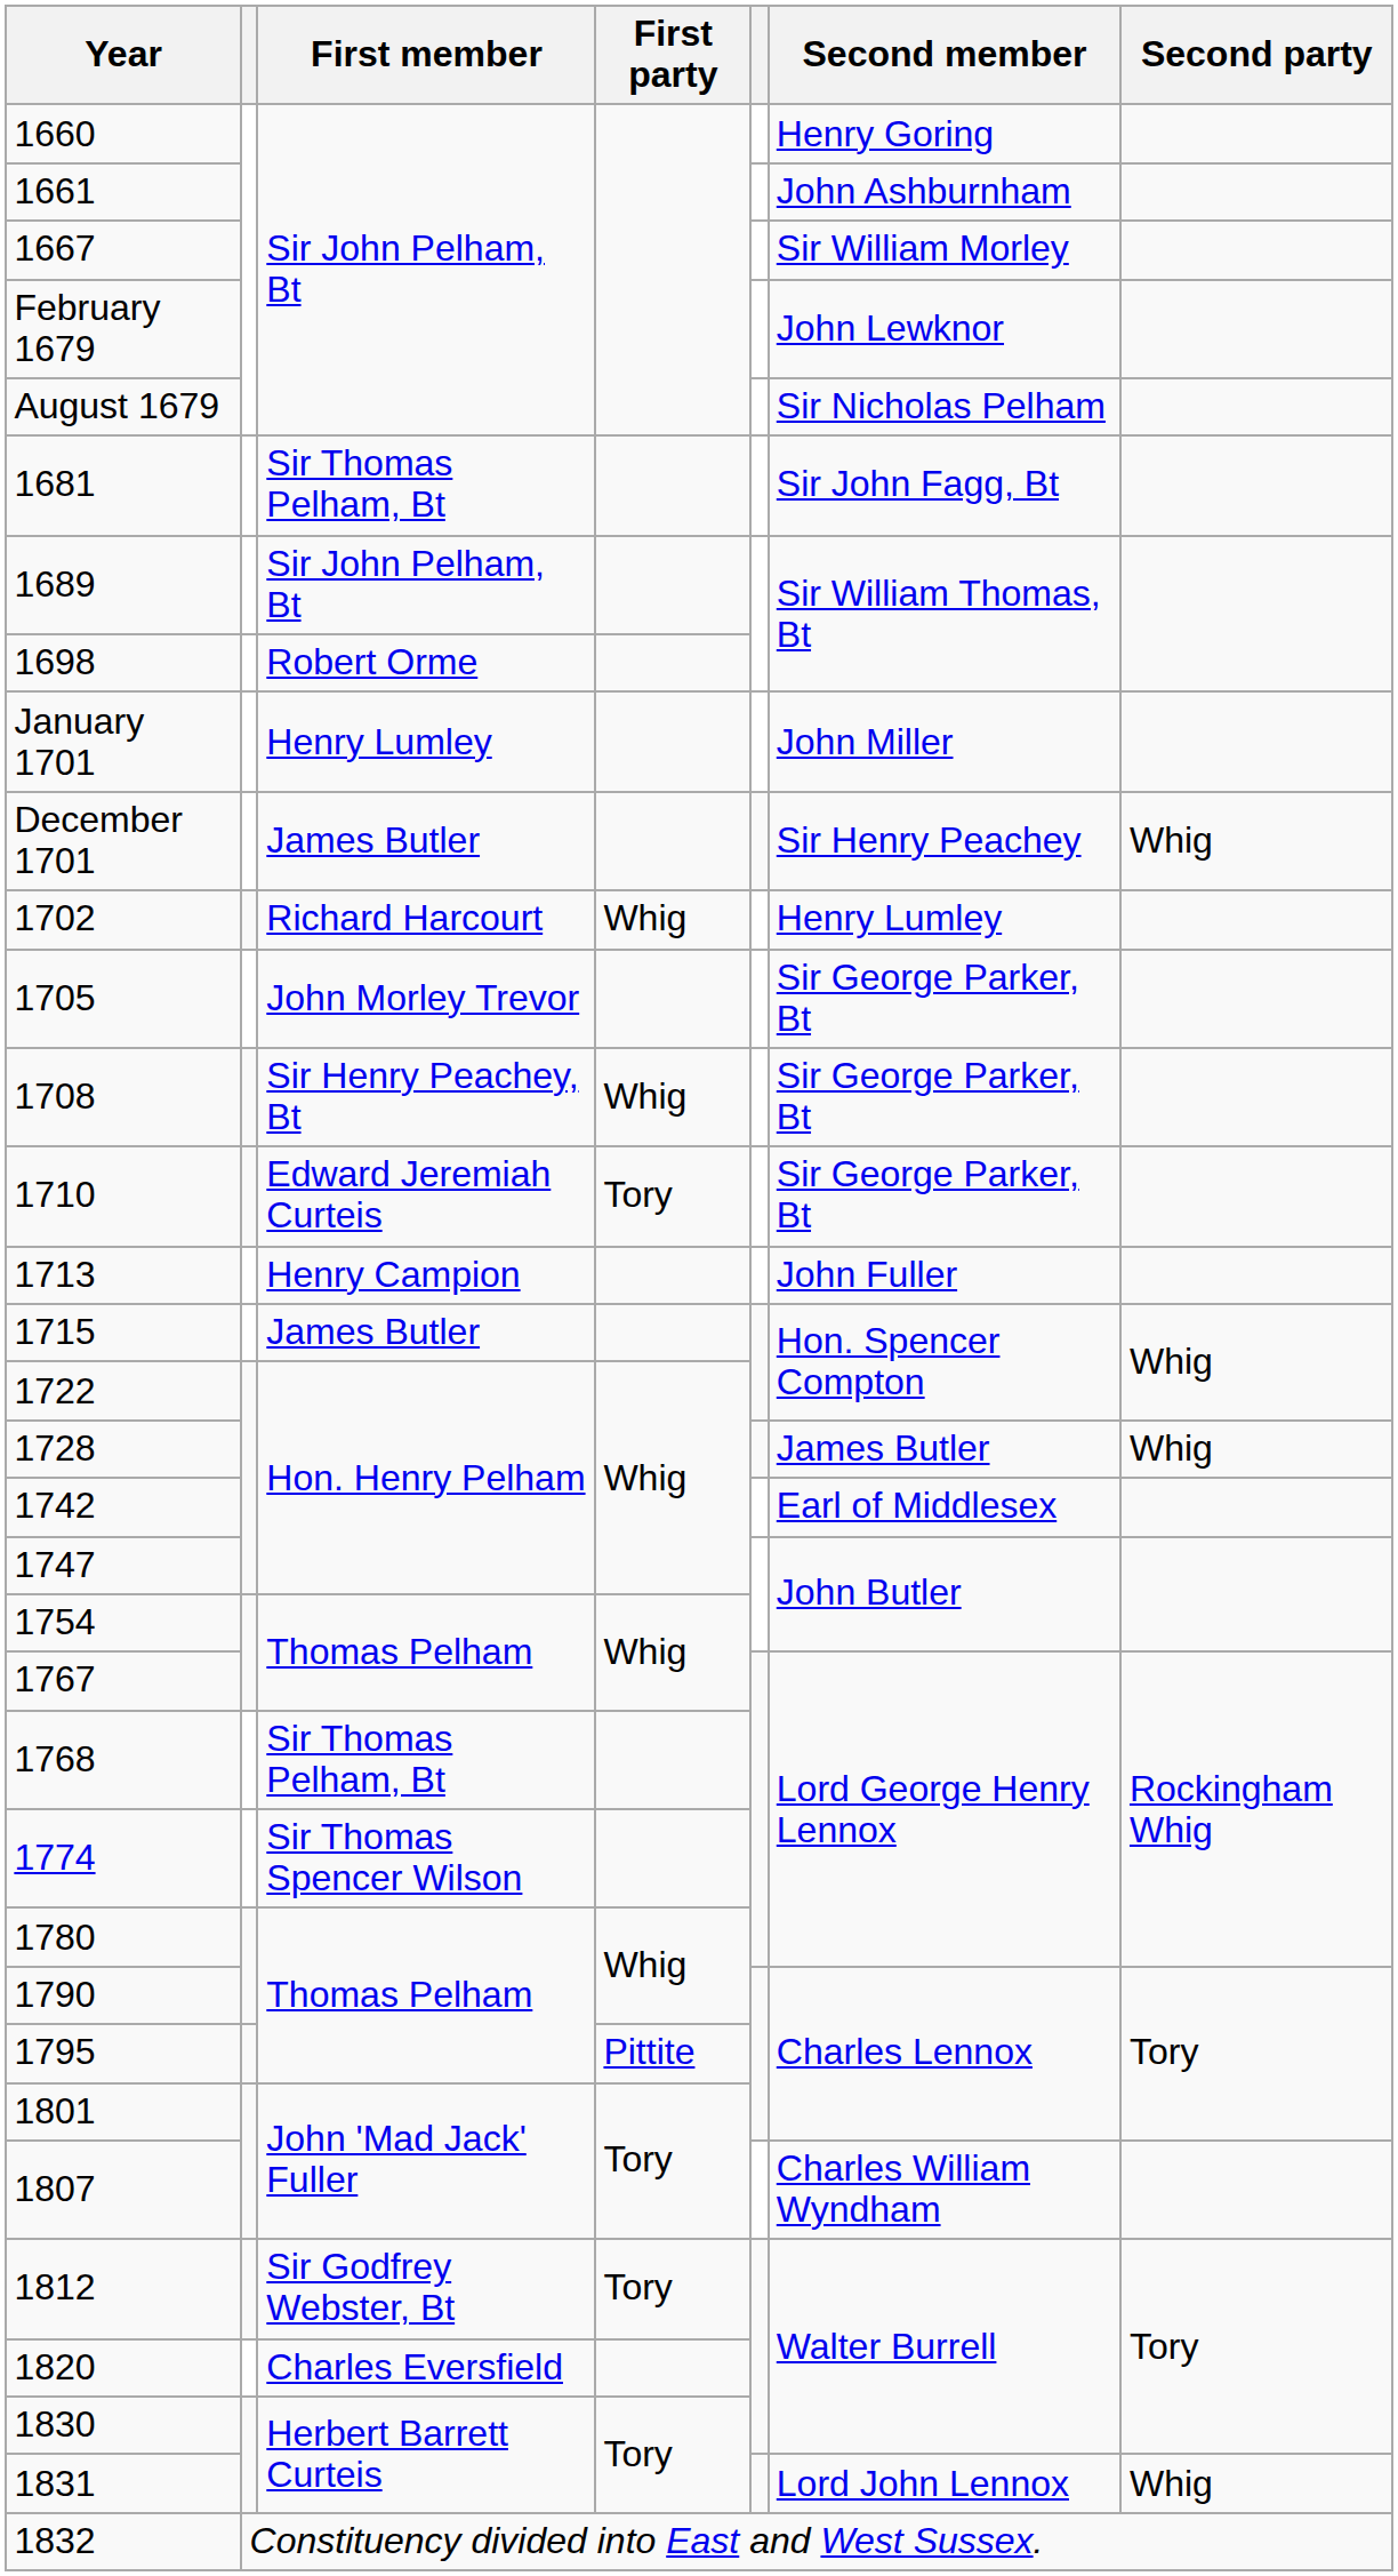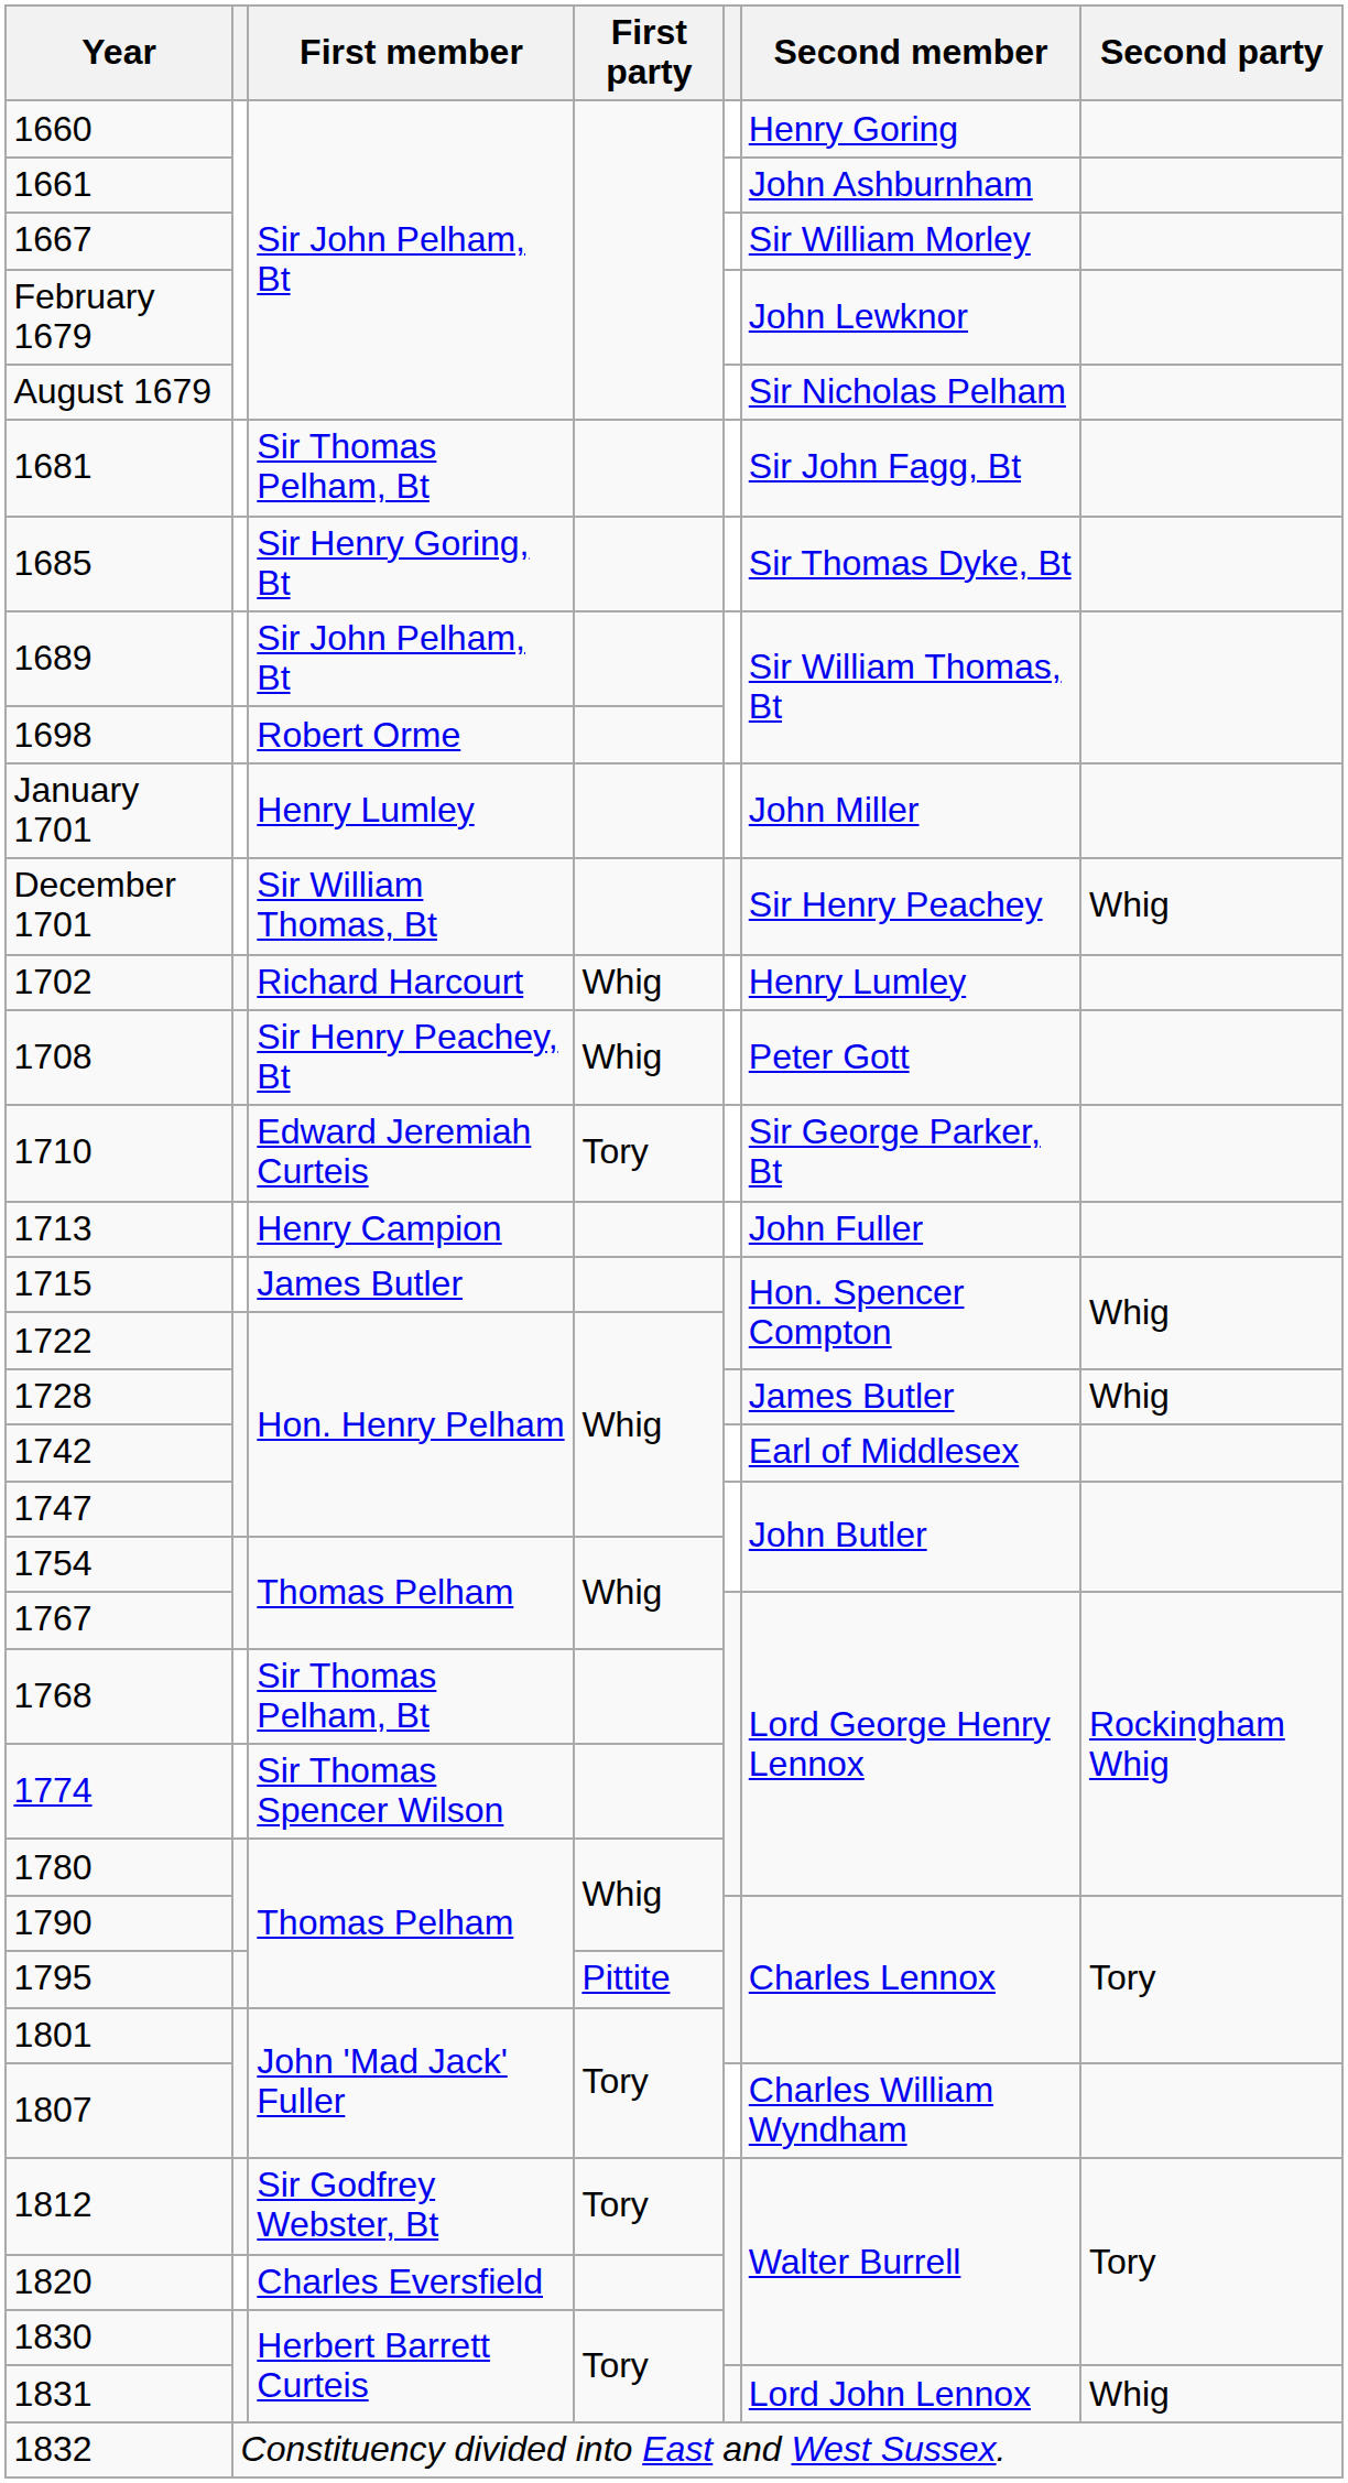 <table class="wikitable">
 <tr>
 <th>Year</th>
 <th></th>
 <th>First member</th>
 <th>First party</th>
 <th></th>
 <th>Second member</th>
 <th>Second party</th>
 </tr>
 <tr>
 <td>1660</td>
 <td rowspan="5" style="color:inherit;background-color: white"></td>
 <td rowspan="5"><a href='#'>Sir John Pelham, Bt</a></td>
 <td rowspan="5"></td>
 <td style="color:inherit;background-color: white"></td>
 <td><a href='#'>Henry Goring</a></td>
 <td></td>
 </tr>
 <tr>
 <td>1661</td>
 <td style="color:inherit;background-color: white"></td>
 <td><a href='#'>John Ashburnham</a></td>
 <td></td>
 </tr>
 <tr>
 <td>1667</td>
 <td style="color:inherit;background-color: white"></td>
 <td><a href='#'>Sir William Morley</a></td>
 <td></td>
 </tr>
 <tr>
 <td>February 1679</td>
 <td style="color:inherit;background-color: white"></td>
 <td><a href='#'>John Lewknor</a></td>
 <td></td>
 </tr>
 <tr>
 <td>August 1679</td>
 <td style="color:inherit;background-color: white"></td>
 <td><a href='#'>Sir Nicholas Pelham</a></td>
 <td></td>
 </tr>
 <tr>
 <td>1681</td>
 <td style="color:inherit;background-color: white"></td>
 <td><a href='#'>Sir Thomas Pelham, Bt</a></td>
 <td></td>
 <td style="color:inherit;background-color: white"></td>
 <td><a href='#'>Sir John Fagg, Bt</a></td>
 <td></td>
 </tr>
 <tr>
+<td>1685</td>
+<td style="color:inherit;background-color: white"></td>
+<td><a href='#'>Sir Henry Goring, Bt</a></td>
+<td></td>
+<td style="color:inherit;background-color: white"></td>
+<td><a href='#'>Sir Thomas Dyke, Bt</a></td>
+<td></td>
+</tr>
+<tr>
 <td>1689</td>
 <td style="color:inherit;background-color: white"></td>
 <td><a href='#'>Sir John Pelham, Bt</a></td>
 <td></td>
 <td rowspan="2" style="color:inherit;background-color: white"></td>
 <td rowspan="2"><a href='#'>Sir William Thomas, Bt</a></td>
 <td rowspan="2"></td>
 </tr>
 <tr>
 <td>1698</td>
 <td style="color:inherit;background-color: white"></td>
 <td><a href='#'>Robert Orme</a></td>
 <td></td>
 </tr>
 <tr>
 <td>January 1701</td>
 <td style="color:inherit;background-color: white"></td>
 <td><a href='#'>Henry Lumley</a></td>
 <td></td>
 <td style="color:inherit;background-color: white"></td>
 <td><a href='#'>John Miller</a></td>
 <td></td>
 </tr>
 <tr>
 <td>December 1701</td>
 <td style="color:inherit;background-color: white"></td>
-<td><a href='#'>James Butler</a></td>
+<td><a href='#'>Sir William Thomas, Bt</a></td>
 <td></td>
 <td style="color:inherit;background-color: "></td>
 <td><a href='#'>Sir Henry Peachey</a></td>
 <td>Whig</td>
 </tr>
 <tr>
 <td>1702</td>
 <td style="color:inherit;background-color: "></td>
 <td><a href='#'>Richard Harcourt</a></td>
 <td> Whig</td>
 <td style="color:inherit;background-color: white"></td>
 <td><a href='#'>Henry Lumley</a></td>
 <td></td>
 </tr>
 <tr>
-<td>1705</td>
-<td style="color:inherit;background-color: white"></td>
-<td><a href='#'>John Morley Trevor</a></td>
-<td></td>
-<td style="color:inherit;background-color: white"></td>
-<td><a href='#'>Sir George Parker, Bt</a></td>
-<td></td>
-</tr>
-<tr>
 <td>1708</td>
 <td style="color:inherit;background-color: "></td>
 <td><a href='#'>Sir Henry Peachey, Bt</a></td>
 <td>Whig</td>
 <td style="color:inherit;background-color: white"></td>
-<td><a href='#'>Sir George Parker, Bt</a></td>
+<td><a href='#'>Peter Gott</a></td>
 <td></td>
 </tr>
 <tr>
 <td>1710</td>
 <td style="color:inherit;background-color: "></td>
 <td><a href='#'>Edward Jeremiah Curteis</a></td>
 <td>Tory</td>
 <td style="color:inherit;background-color: white"></td>
 <td><a href='#'>Sir George Parker, Bt</a></td>
 <td></td>
 </tr>
 <tr>
 <td>1713</td>
 <td style="color:inherit;background-color: white"></td>
 <td><a href='#'>Henry Campion</a></td>
 <td></td>
 <td style="color:inherit;background-color: white"></td>
 <td><a href='#'>John Fuller</a></td>
 <td></td>
 </tr>
 <tr>
 <td>1715</td>
 <td style="color:inherit;background-color: white"></td>
 <td><a href='#'>James Butler</a></td>
 <td></td>
 <td rowspan="2" style="color:inherit;background-color: "></td>
 <td rowspan="2"><a href='#'>Hon. Spencer Compton</a></td>
 <td rowspan="2"> Whig</td>
 </tr>
 <tr>
 <td>1722</td>
 <td rowspan="4" style="color:inherit;background-color: "></td>
 <td rowspan="4"><a href='#'>Hon. Henry Pelham</a></td>
 <td rowspan="4">Whig</td>
 </tr>
 <tr>
 <td>1728</td>
 <td style="color:inherit;background-color: "></td>
 <td><a href='#'>James Butler</a></td>
 <td>Whig</td>
 </tr>
 <tr>
 <td>1742</td>
 <td style="color:inherit;background-color: white"></td>
 <td><a href='#'>Earl of Middlesex</a></td>
 <td></td>
 </tr>
 <tr>
 <td>1747</td>
 <td rowspan="2" style="color:inherit;background-color: white"></td>
 <td rowspan="2"><a href='#'>John Butler</a></td>
 <td rowspan="2"></td>
 </tr>
 <tr>
 <td>1754</td>
 <td rowspan="2" style="color:inherit;background-color: "></td>
 <td rowspan="2"><a href='#'>Thomas Pelham</a></td>
 <td rowspan="2">Whig</td>
 </tr>
 <tr>
 <td>1767</td>
 <td rowspan="4" style="color:inherit;background-color: "></td>
 <td rowspan="4"><a href='#'>Lord George Henry Lennox</a></td>
 <td rowspan="4"><a href='#'>Rockingham Whig</a></td>
 </tr>
 <tr>
 <td>1768</td>
 <td style="color:inherit;background-color: white"></td>
 <td><a href='#'>Sir Thomas Pelham, Bt</a></td>
 <td></td>
 </tr>
 <tr>
 <td><a href='#'>1774</a></td>
 <td style="color:inherit;background-color: white"></td>
 <td><a href='#'>Sir Thomas Spencer Wilson</a></td>
 <td></td>
 </tr>
 <tr>
 <td>1780</td>
 <td rowspan="2" style="color:inherit;background-color: "></td>
 <td rowspan="3"><a href='#'>Thomas Pelham</a></td>
 <td rowspan="2">Whig</td>
 </tr>
 <tr>
 <td>1790</td>
 <td rowspan="3" style="color:inherit;background-color: "></td>
 <td rowspan="3"><a href='#'>Charles Lennox</a></td>
 <td rowspan="3">Tory</td>
 </tr>
 <tr>
 <td>1795</td>
 <td style="color:inherit;background-color: "></td>
 <td><a href='#'>Pittite</a></td>
 </tr>
 <tr>
 <td>1801</td>
 <td rowspan="2" style="color:inherit;background-color: "></td>
 <td rowspan="2"><a href='#'>John 'Mad Jack' Fuller</a></td>
 <td rowspan="2"> Tory</td>
 </tr>
 <tr>
 <td>1807</td>
 <td style="color:inherit;background-color: white"></td>
 <td><a href='#'>Charles William Wyndham</a></td>
 <td></td>
 </tr>
 <tr>
 <td>1812</td>
 <td style="color:inherit;background-color: "></td>
 <td><a href='#'>Sir Godfrey Webster, Bt</a></td>
 <td>Tory</td>
 <td rowspan="3" style="color:inherit;background-color: "></td>
 <td rowspan="3"><a href='#'>Walter Burrell</a></td>
 <td rowspan="3"> Tory</td>
 </tr>
 <tr>
 <td>1820</td>
 <td style="color:inherit;background-color: white"></td>
 <td><a href='#'>Charles Eversfield</a></td>
 <td></td>
 </tr>
 <tr>
 <td>1830</td>
 <td rowspan="2" style="color:inherit;background-color: "></td>
 <td rowspan="2"><a href='#'>Herbert Barrett Curteis</a></td>
 <td rowspan="2">Tory</td>
 </tr>
 <tr>
 <td>1831</td>
 <td style="color:inherit;background-color: "></td>
 <td><a href='#'>Lord John Lennox</a></td>
 <td> Whig</td>
 </tr>
 <tr>
 <td>1832</td>
 <td colspan="6"><em>Constituency divided into <a href='#'>East</a> and <a href='#'>West Sussex</a>.</em></td>
 </tr>
 </table>
